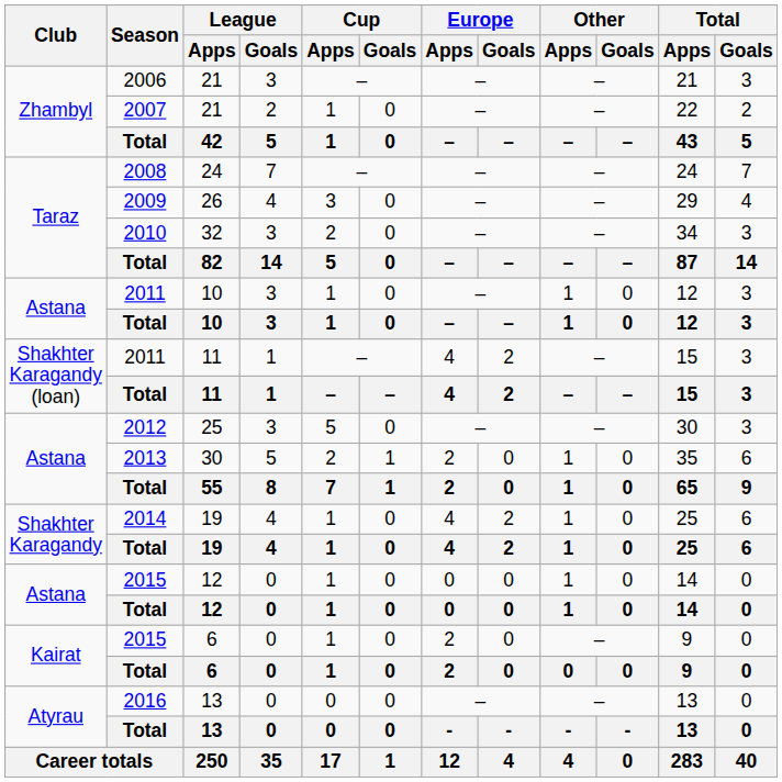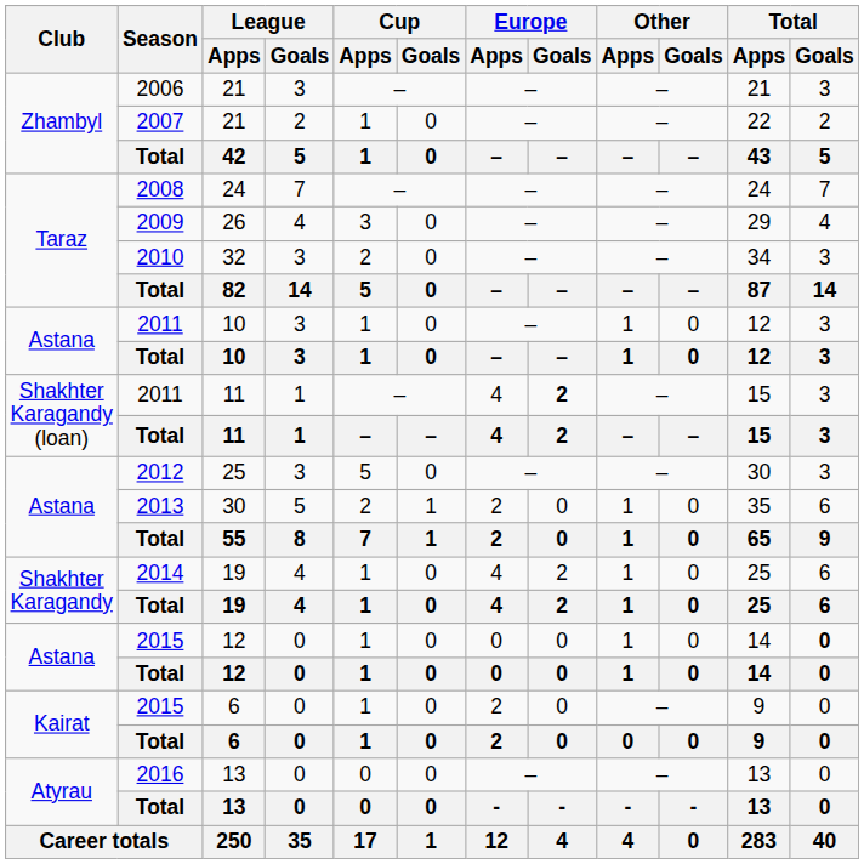 <table class="wikitable" style="text-align: center;">
 <tr>
 <th rowspan="2">Club</th>
 <th rowspan="2">Season</th>
 <th colspan="2">League</th>
 <th colspan="2">Cup</th>
 <th colspan="2"><a href='#'>Europe</a></th>
 <th colspan="2">Other</th>
 <th colspan="2">Total</th>
 </tr>
 <tr>
 <th>Apps</th>
 <th>Goals</th>
 <th>Apps</th>
 <th>Goals</th>
 <th>Apps</th>
 <th>Goals</th>
 <th>Apps</th>
 <th>Goals</th>
 <th>Apps</th>
 <th>Goals</th>
 </tr>
 <tr>
 <td rowspan="3"><a href='#'>Zhambyl</a></td>
 <td>2006</td>
 <td>21</td>
 <td>3</td>
 <td colspan="2">–</td>
 <td colspan="2">–</td>
 <td colspan="2">–</td>
 <td>21</td>
 <td>3</td>
 </tr>
 <tr>
 <td><a href='#'>2007</a></td>
 <td>21</td>
 <td>2</td>
 <td>1</td>
 <td>0</td>
 <td colspan="2">–</td>
 <td colspan="2">–</td>
 <td>22</td>
 <td>2</td>
 </tr>
 <tr>
 <th>Total</th>
 <th>42</th>
 <th>5</th>
 <th>1</th>
 <th>0</th>
 <th>–</th>
 <th>–</th>
 <th>–</th>
 <th>–</th>
 <th>43</th>
 <th>5</th>
 </tr>
 <tr>
 <td rowspan="4"><a href='#'>Taraz</a></td>
 <td><a href='#'>2008</a></td>
 <td>24</td>
 <td>7</td>
 <td colspan="2">–</td>
 <td colspan="2">–</td>
 <td colspan="2">–</td>
 <td>24</td>
 <td>7</td>
 </tr>
 <tr>
 <td><a href='#'>2009</a></td>
 <td>26</td>
 <td>4</td>
 <td>3</td>
 <td>0</td>
 <td colspan="2">–</td>
 <td colspan="2">–</td>
 <td>29</td>
 <td>4</td>
 </tr>
 <tr>
 <td><a href='#'>2010</a></td>
 <td>32</td>
 <td>3</td>
 <td>2</td>
 <td>0</td>
 <td colspan="2">–</td>
 <td colspan="2">–</td>
 <td>34</td>
 <td>3</td>
 </tr>
 <tr>
 <th>Total</th>
 <th>82</th>
 <th>14</th>
 <th>5</th>
 <th>0</th>
 <th>–</th>
 <th>–</th>
 <th>–</th>
 <th>–</th>
 <th>87</th>
 <th>14</th>
 </tr>
 <tr>
 <td rowspan="2"><a href='#'>Astana</a></td>
 <td><a href='#'>2011</a></td>
 <td>10</td>
 <td>3</td>
 <td>1</td>
 <td>0</td>
 <td colspan="2">–</td>
 <td>1</td>
 <td>0</td>
 <td>12</td>
 <td>3</td>
 </tr>
 <tr>
 <th>Total</th>
 <th>10</th>
 <th>3</th>
 <th>1</th>
 <th>0</th>
 <th>–</th>
 <th>–</th>
 <th>1</th>
 <th>0</th>
 <th>12</th>
 <th>3</th>
 </tr>
 <tr>
 <td rowspan="2"><a href='#'>Shakhter Karagandy</a> (loan)</td>
 <td>2011</td>
 <td>11</td>
 <td>1</td>
 <td colspan="2">–</td>
 <td>4</td>
-<td>2</td>
+<td><strong>2</strong></td>
 <td colspan="2">–</td>
 <td>15</td>
 <td>3</td>
 </tr>
 <tr>
 <th>Total</th>
 <th>11</th>
 <th>1</th>
 <th>–</th>
 <th>–</th>
 <th>4</th>
 <th>2</th>
 <th>–</th>
 <th>–</th>
 <th>15</th>
 <th>3</th>
 </tr>
 <tr>
 <td rowspan="3"><a href='#'>Astana</a></td>
 <td><a href='#'>2012</a></td>
 <td>25</td>
 <td>3</td>
 <td>5</td>
 <td>0</td>
 <td colspan="2">–</td>
 <td colspan="2">–</td>
 <td>30</td>
 <td>3</td>
 </tr>
 <tr>
 <td><a href='#'>2013</a></td>
 <td>30</td>
 <td>5</td>
 <td>2</td>
 <td>1</td>
 <td>2</td>
 <td>0</td>
 <td>1</td>
 <td>0</td>
 <td>35</td>
 <td>6</td>
 </tr>
 <tr>
 <th>Total</th>
 <th>55</th>
 <th>8</th>
 <th>7</th>
 <th>1</th>
 <th>2</th>
 <th>0</th>
 <th>1</th>
 <th>0</th>
 <th>65</th>
 <th>9</th>
 </tr>
 <tr>
 <td rowspan="2"><a href='#'>Shakhter Karagandy</a></td>
 <td><a href='#'>2014</a></td>
 <td>19</td>
 <td>4</td>
 <td>1</td>
 <td>0</td>
 <td>4</td>
 <td>2</td>
 <td>1</td>
 <td>0</td>
 <td>25</td>
 <td>6</td>
 </tr>
 <tr>
 <th>Total</th>
 <th>19</th>
 <th>4</th>
 <th>1</th>
 <th>0</th>
 <th>4</th>
 <th>2</th>
 <th>1</th>
 <th>0</th>
 <th>25</th>
 <th>6</th>
 </tr>
 <tr>
 <td rowspan="2"><a href='#'>Astana</a></td>
 <td><a href='#'>2015</a></td>
 <td>12</td>
 <td>0</td>
 <td>1</td>
 <td>0</td>
 <td>0</td>
 <td>0</td>
 <td>1</td>
 <td>0</td>
 <td>14</td>
-<td>0</td>
+<td><strong>0</strong></td>
 </tr>
 <tr>
 <th>Total</th>
 <th>12</th>
 <th>0</th>
 <th>1</th>
 <th>0</th>
 <th>0</th>
 <th>0</th>
 <th>1</th>
 <th>0</th>
 <th>14</th>
 <th>0</th>
 </tr>
 <tr>
 <td rowspan="2"><a href='#'>Kairat</a></td>
 <td><a href='#'>2015</a></td>
 <td>6</td>
 <td>0</td>
 <td>1</td>
 <td>0</td>
 <td>2</td>
 <td>0</td>
 <td colspan="2">–</td>
 <td>9</td>
 <td>0</td>
 </tr>
 <tr>
 <th>Total</th>
 <th>6</th>
 <th>0</th>
 <th>1</th>
 <th>0</th>
 <th>2</th>
 <th>0</th>
 <th>0</th>
 <th>0</th>
 <th>9</th>
 <th>0</th>
 </tr>
 <tr>
 <td rowspan="2"><a href='#'>Atyrau</a></td>
 <td><a href='#'>2016</a></td>
 <td>13</td>
 <td>0</td>
 <td>0</td>
 <td>0</td>
 <td colspan="2">–</td>
 <td colspan="2">–</td>
 <td>13</td>
 <td>0</td>
 </tr>
 <tr>
 <th>Total</th>
 <th>13</th>
 <th>0</th>
 <th>0</th>
 <th>0</th>
 <th>-</th>
 <th>-</th>
 <th>-</th>
 <th>-</th>
 <th>13</th>
 <th>0</th>
 </tr>
 <tr>
 <th colspan="2">Career totals</th>
 <th>250</th>
 <th>35</th>
 <th>17</th>
 <th>1</th>
 <th>12</th>
 <th>4</th>
 <th>4</th>
 <th>0</th>
 <th>283</th>
 <th>40</th>
 </tr>
 </table>
